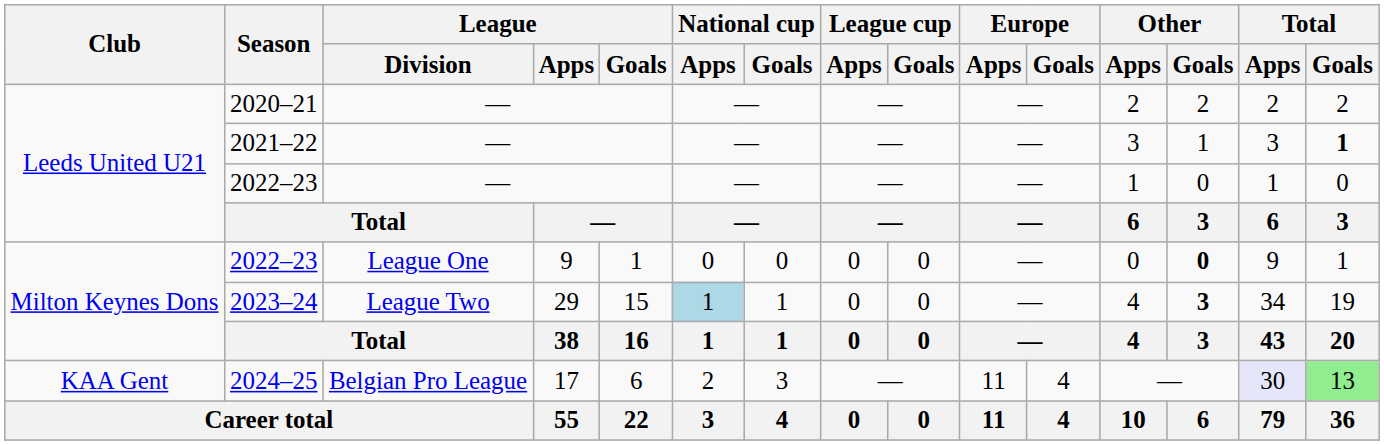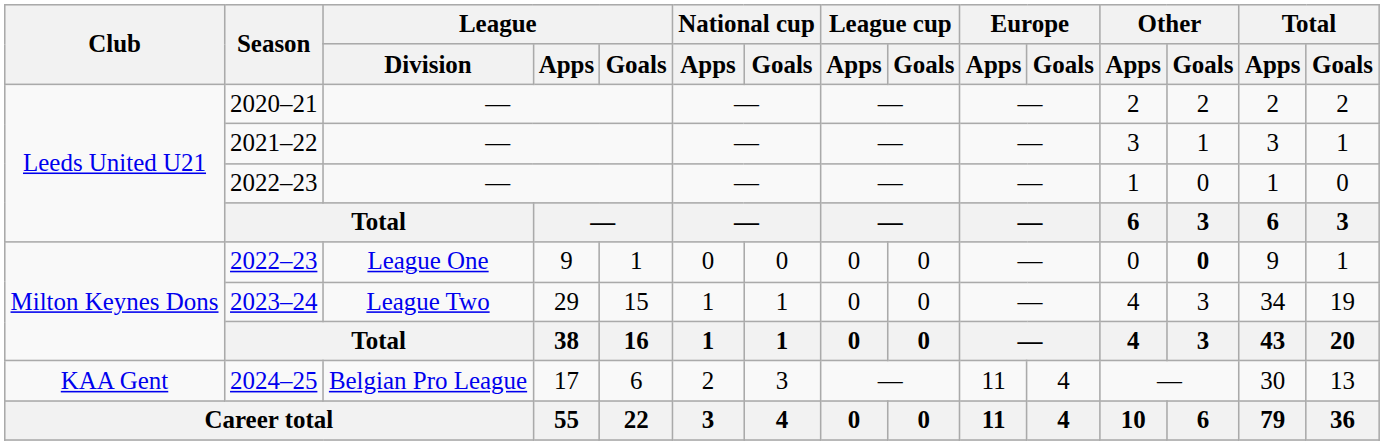 <table class="wikitable" style="text-align:center">
 <tr>
 <th rowspan="2">Club</th>
 <th rowspan="2">Season</th>
 <th colspan="3">League</th>
 <th colspan="2">National cup</th>
 <th colspan="2">League cup</th>
 <th colspan="2">Europe</th>
 <th colspan="2">Other</th>
 <th colspan="2">Total</th>
 </tr>
 <tr>
 <th>Division</th>
 <th>Apps</th>
 <th>Goals</th>
 <th>Apps</th>
 <th>Goals</th>
 <th>Apps</th>
 <th>Goals</th>
 <th>Apps</th>
 <th>Goals</th>
 <th>Apps</th>
 <th>Goals</th>
 <th>Apps</th>
 <th>Goals</th>
 </tr>
 <tr>
 <td rowspan="4"><a href='#'>Leeds United U21</a></td>
 <td>2020–21</td>
 <td colspan="3">―</td>
 <td colspan="2">―</td>
 <td colspan="2">―</td>
 <td colspan="2">―</td>
 <td>2</td>
 <td>2</td>
 <td>2</td>
 <td>2</td>
 </tr>
 <tr>
 <td>2021–22</td>
 <td colspan="3">―</td>
 <td colspan="2">―</td>
 <td colspan="2">―</td>
 <td colspan="2">―</td>
 <td>3</td>
 <td>1</td>
 <td>3</td>
-<td><strong>1</strong></td>
+<td>1</td>
 </tr>
 <tr>
 <td>2022–23</td>
 <td colspan="3">―</td>
 <td colspan="2">―</td>
 <td colspan="2">―</td>
 <td colspan="2">―</td>
 <td>1</td>
 <td>0</td>
 <td>1</td>
 <td>0</td>
 </tr>
 <tr>
 <th colspan="2">Total</th>
 <th colspan="2">―</th>
 <th colspan="2">―</th>
 <th colspan="2">―</th>
 <th colspan="2">―</th>
 <th>6</th>
 <th>3</th>
 <th>6</th>
 <th>3</th>
 </tr>
 <tr>
 <td rowspan="3"><a href='#'>Milton Keynes Dons</a></td>
 <td><a href='#'>2022–23</a></td>
 <td><a href='#'>League One</a></td>
 <td>9</td>
 <td>1</td>
 <td>0</td>
 <td>0</td>
 <td>0</td>
 <td>0</td>
 <td colspan="2">―</td>
 <td>0</td>
 <td><strong>0</strong></td>
 <td>9</td>
 <td>1</td>
 </tr>
 <tr>
 <td><a href='#'>2023–24</a></td>
 <td><a href='#'>League Two</a></td>
 <td>29</td>
 <td>15</td>
-<td style="background: lightblue;">1</td>
+<td>1</td>
 <td>1</td>
 <td>0</td>
 <td>0</td>
 <td colspan="2">―</td>
 <td>4</td>
-<td><strong>3</strong></td>
+<td>3</td>
 <td>34</td>
 <td>19</td>
 </tr>
 <tr>
 <th colspan="2">Total</th>
 <th>38</th>
 <th>16</th>
 <th>1</th>
 <th>1</th>
 <th>0</th>
 <th>0</th>
 <th colspan="2">―</th>
 <th>4</th>
 <th>3</th>
 <th>43</th>
 <th>20</th>
 </tr>
 <tr>
 <td><a href='#'>KAA Gent</a></td>
 <td><a href='#'>2024–25</a></td>
 <td><a href='#'>Belgian Pro League</a></td>
 <td>17</td>
 <td>6</td>
 <td>2</td>
 <td>3</td>
 <td colspan="2">—</td>
 <td>11</td>
 <td>4</td>
 <td colspan="2">―</td>
-<td style="background: lavender;">30</td>
-<td style="background: lightgreen;">13</td>
+<td>30</td>
+<td>13</td>
 </tr>
 <tr>
 <th colspan="3">Career total</th>
 <th>55</th>
 <th>22</th>
 <th>3</th>
 <th>4</th>
 <th>0</th>
 <th>0</th>
 <th>11</th>
 <th>4</th>
 <th>10</th>
 <th>6</th>
 <th>79</th>
 <th>36</th>
 </tr>
 </table>
